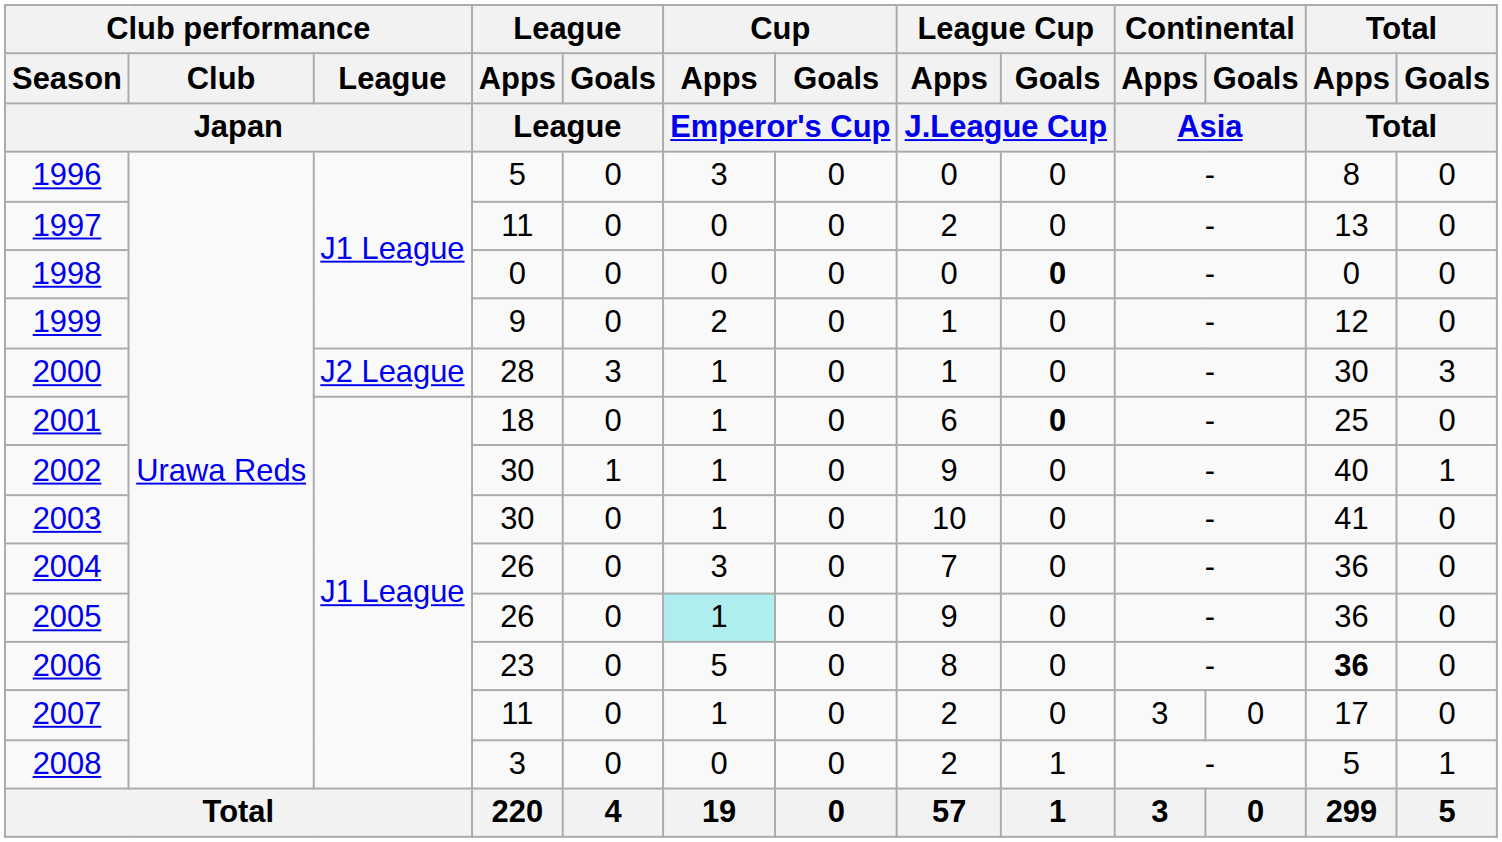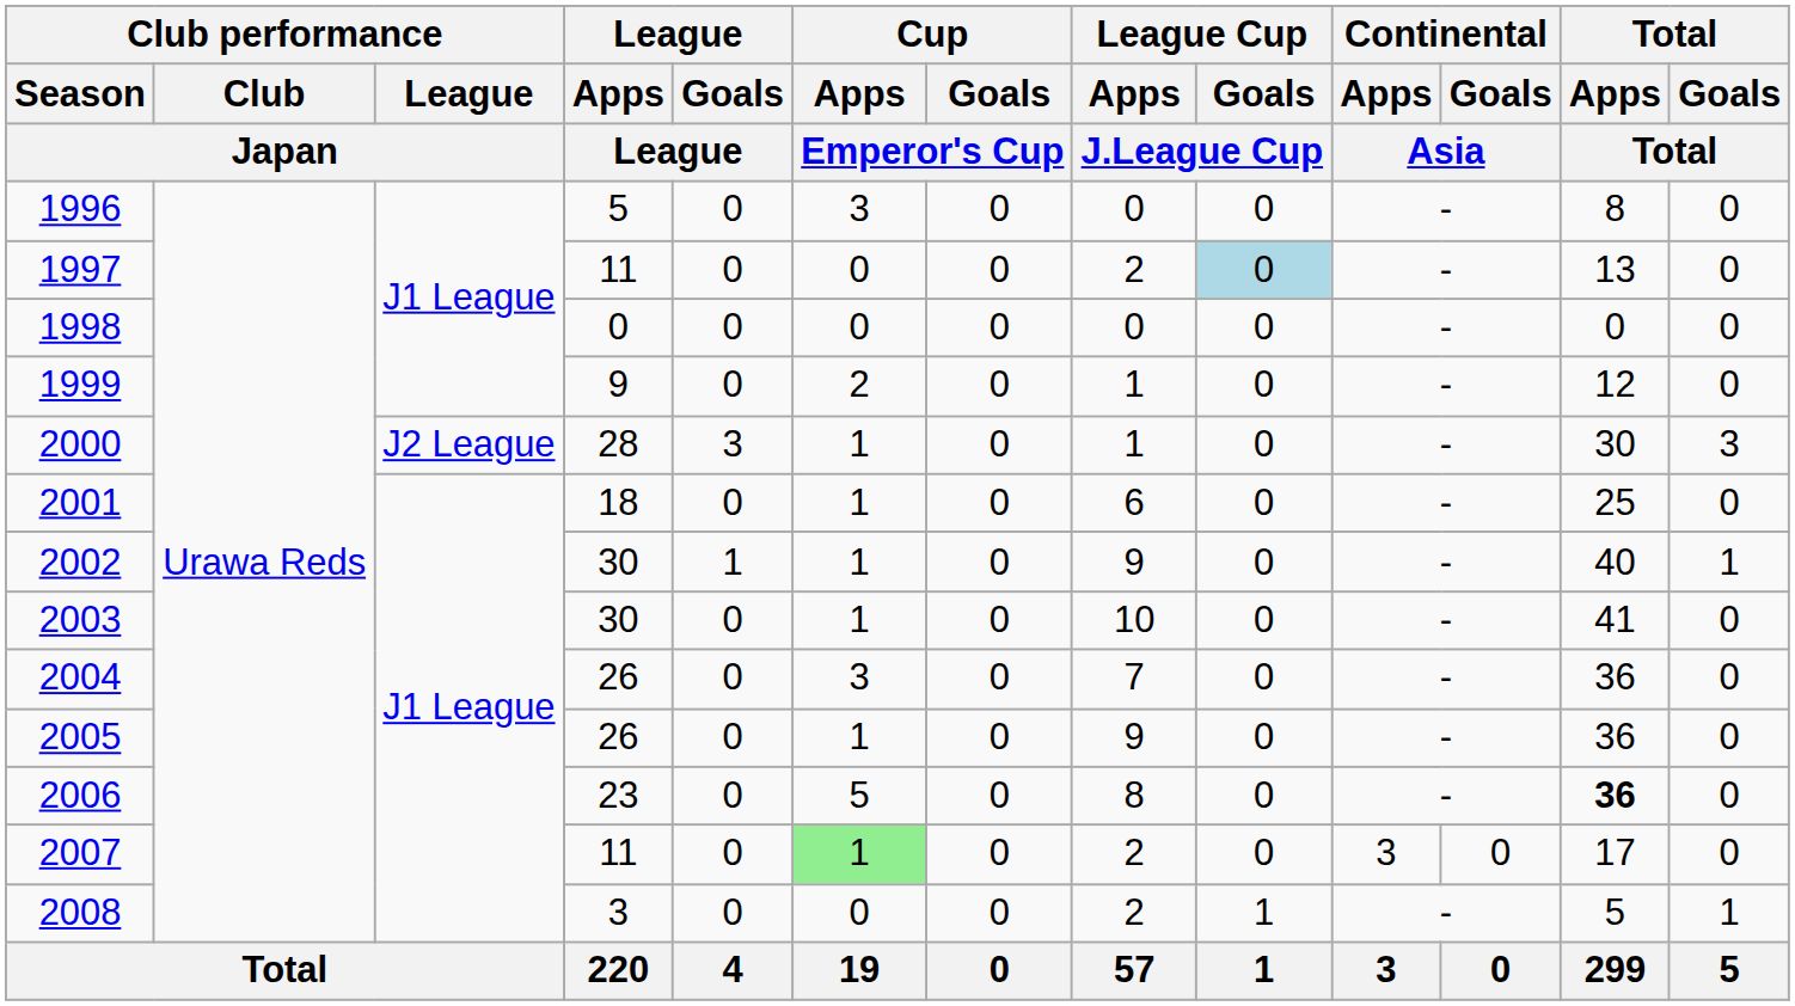 <table class="wikitable" style="text-align:center;">
 <tr>
 <th colspan=3>Club performance</th>
 <th colspan=2>League</th>
 <th colspan=2>Cup</th>
 <th colspan=2>League Cup</th>
 <th colspan=2>Continental</th>
 <th colspan=2>Total</th>
 </tr>
 <tr>
 <th>Season</th>
 <th>Club</th>
 <th>League</th>
 <th>Apps</th>
 <th>Goals</th>
 <th>Apps</th>
 <th>Goals</th>
 <th>Apps</th>
 <th>Goals</th>
 <th>Apps</th>
 <th>Goals</th>
 <th>Apps</th>
 <th>Goals</th>
 </tr>
 <tr>
 <th colspan=3>Japan</th>
 <th colspan=2>League</th>
 <th colspan=2><a href='#'>Emperor's Cup</a></th>
 <th colspan=2><a href='#'>J.League Cup</a></th>
 <th colspan=2><a href='#'>Asia</a></th>
 <th colspan=2>Total</th>
 </tr>
 <tr>
 <td><a href='#'>1996</a></td>
 <td rowspan="13"><a href='#'>Urawa Reds</a></td>
 <td rowspan="4"><a href='#'>J1 League</a></td>
 <td>5</td>
 <td>0</td>
 <td>3</td>
 <td>0</td>
 <td>0</td>
 <td>0</td>
 <td colspan="2">-</td>
 <td>8</td>
 <td>0</td>
 </tr>
 <tr>
 <td><a href='#'>1997</a></td>
 <td>11</td>
 <td>0</td>
 <td>0</td>
 <td>0</td>
 <td>2</td>
-<td>0</td>
+<td style="background: lightblue;">0</td>
 <td colspan="2">-</td>
 <td>13</td>
 <td>0</td>
 </tr>
 <tr>
 <td><a href='#'>1998</a></td>
 <td>0</td>
 <td>0</td>
 <td>0</td>
 <td>0</td>
 <td>0</td>
-<td><strong>0</strong></td>
+<td>0</td>
 <td colspan="2">-</td>
 <td>0</td>
 <td>0</td>
 </tr>
 <tr>
 <td><a href='#'>1999</a></td>
 <td>9</td>
 <td>0</td>
 <td>2</td>
 <td>0</td>
 <td>1</td>
 <td>0</td>
 <td colspan="2">-</td>
 <td>12</td>
 <td>0</td>
 </tr>
 <tr>
 <td><a href='#'>2000</a></td>
 <td><a href='#'>J2 League</a></td>
 <td>28</td>
 <td>3</td>
 <td>1</td>
 <td>0</td>
 <td>1</td>
 <td>0</td>
 <td colspan="2">-</td>
 <td>30</td>
 <td>3</td>
 </tr>
 <tr>
 <td><a href='#'>2001</a></td>
 <td rowspan="8"><a href='#'>J1 League</a></td>
 <td>18</td>
 <td>0</td>
 <td>1</td>
 <td>0</td>
 <td>6</td>
-<td><strong>0</strong></td>
+<td>0</td>
 <td colspan="2">-</td>
 <td>25</td>
 <td>0</td>
 </tr>
 <tr>
 <td><a href='#'>2002</a></td>
 <td>30</td>
 <td>1</td>
 <td>1</td>
 <td>0</td>
 <td>9</td>
 <td>0</td>
 <td colspan="2">-</td>
 <td>40</td>
 <td>1</td>
 </tr>
 <tr>
 <td><a href='#'>2003</a></td>
 <td>30</td>
 <td>0</td>
 <td>1</td>
 <td>0</td>
 <td>10</td>
 <td>0</td>
 <td colspan="2">-</td>
 <td>41</td>
 <td>0</td>
 </tr>
 <tr>
 <td><a href='#'>2004</a></td>
 <td>26</td>
 <td>0</td>
 <td>3</td>
 <td>0</td>
 <td>7</td>
 <td>0</td>
 <td colspan="2">-</td>
 <td>36</td>
 <td>0</td>
 </tr>
 <tr>
 <td><a href='#'>2005</a></td>
 <td>26</td>
 <td>0</td>
-<td style="background: paleturquoise;">1</td>
+<td>1</td>
 <td>0</td>
 <td>9</td>
 <td>0</td>
 <td colspan="2">-</td>
 <td>36</td>
 <td>0</td>
 </tr>
 <tr>
 <td><a href='#'>2006</a></td>
 <td>23</td>
 <td>0</td>
 <td>5</td>
 <td>0</td>
 <td>8</td>
 <td>0</td>
 <td colspan="2">-</td>
 <td><strong>36</strong></td>
 <td>0</td>
 </tr>
 <tr>
 <td><a href='#'>2007</a></td>
 <td>11</td>
 <td>0</td>
-<td>1</td>
+<td style="background: lightgreen;">1</td>
 <td>0</td>
 <td>2</td>
 <td>0</td>
 <td>3</td>
 <td>0</td>
 <td>17</td>
 <td>0</td>
 </tr>
 <tr>
 <td><a href='#'>2008</a></td>
 <td>3</td>
 <td>0</td>
 <td>0</td>
 <td>0</td>
 <td>2</td>
 <td>1</td>
 <td colspan="2">-</td>
 <td>5</td>
 <td>1</td>
 </tr>
 <tr>
 <th colspan=3>Total</th>
 <th>220</th>
 <th>4</th>
 <th>19</th>
 <th>0</th>
 <th>57</th>
 <th>1</th>
 <th>3</th>
 <th>0</th>
 <th>299</th>
 <th>5</th>
 </tr>
 </table>
